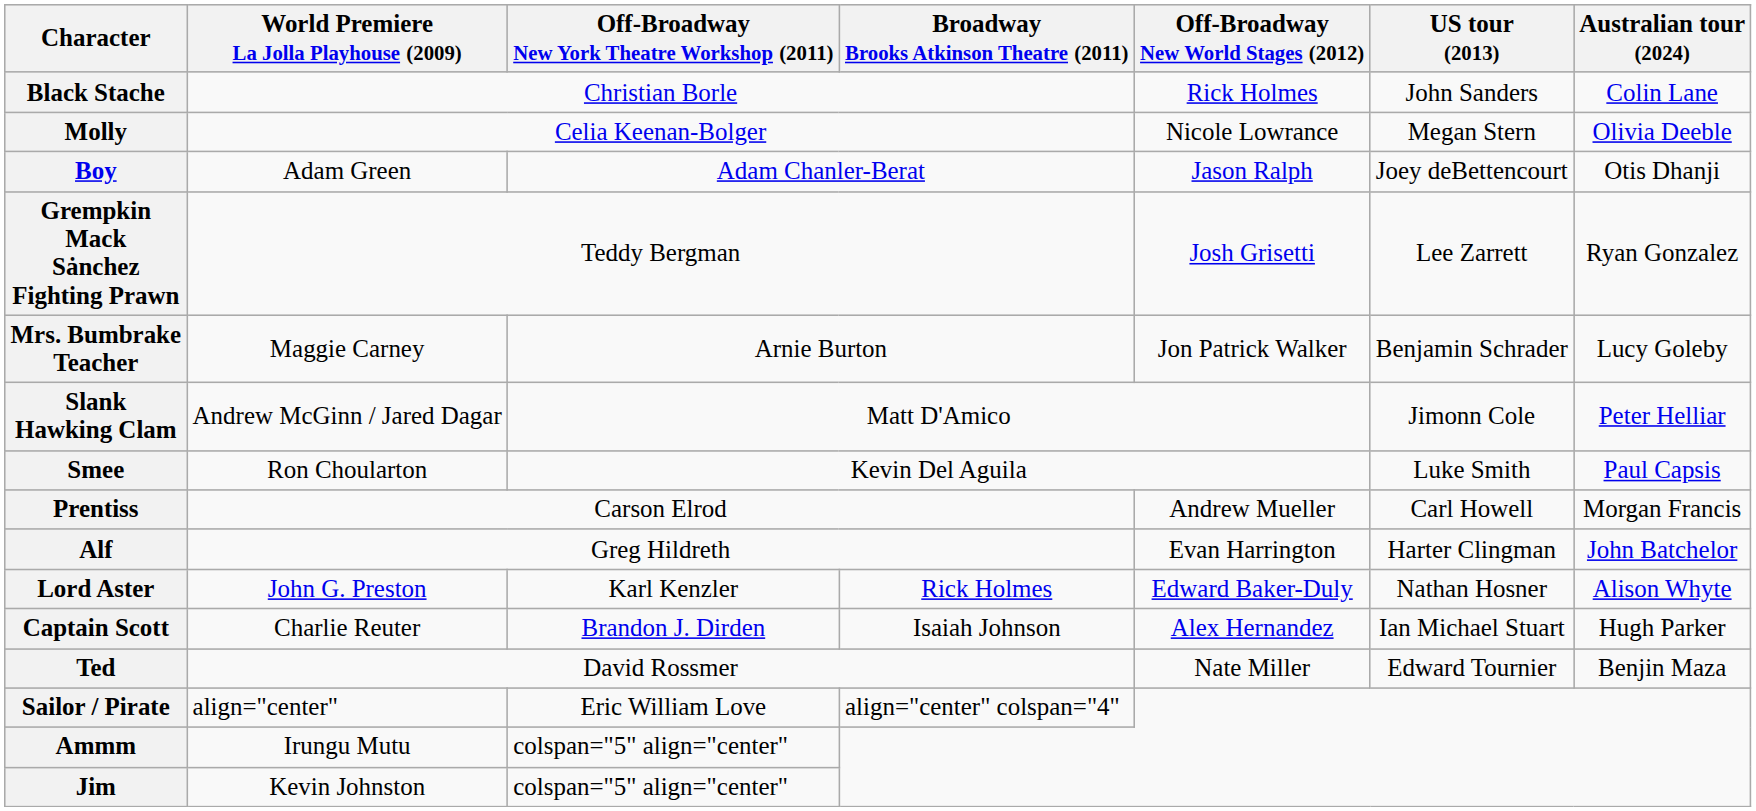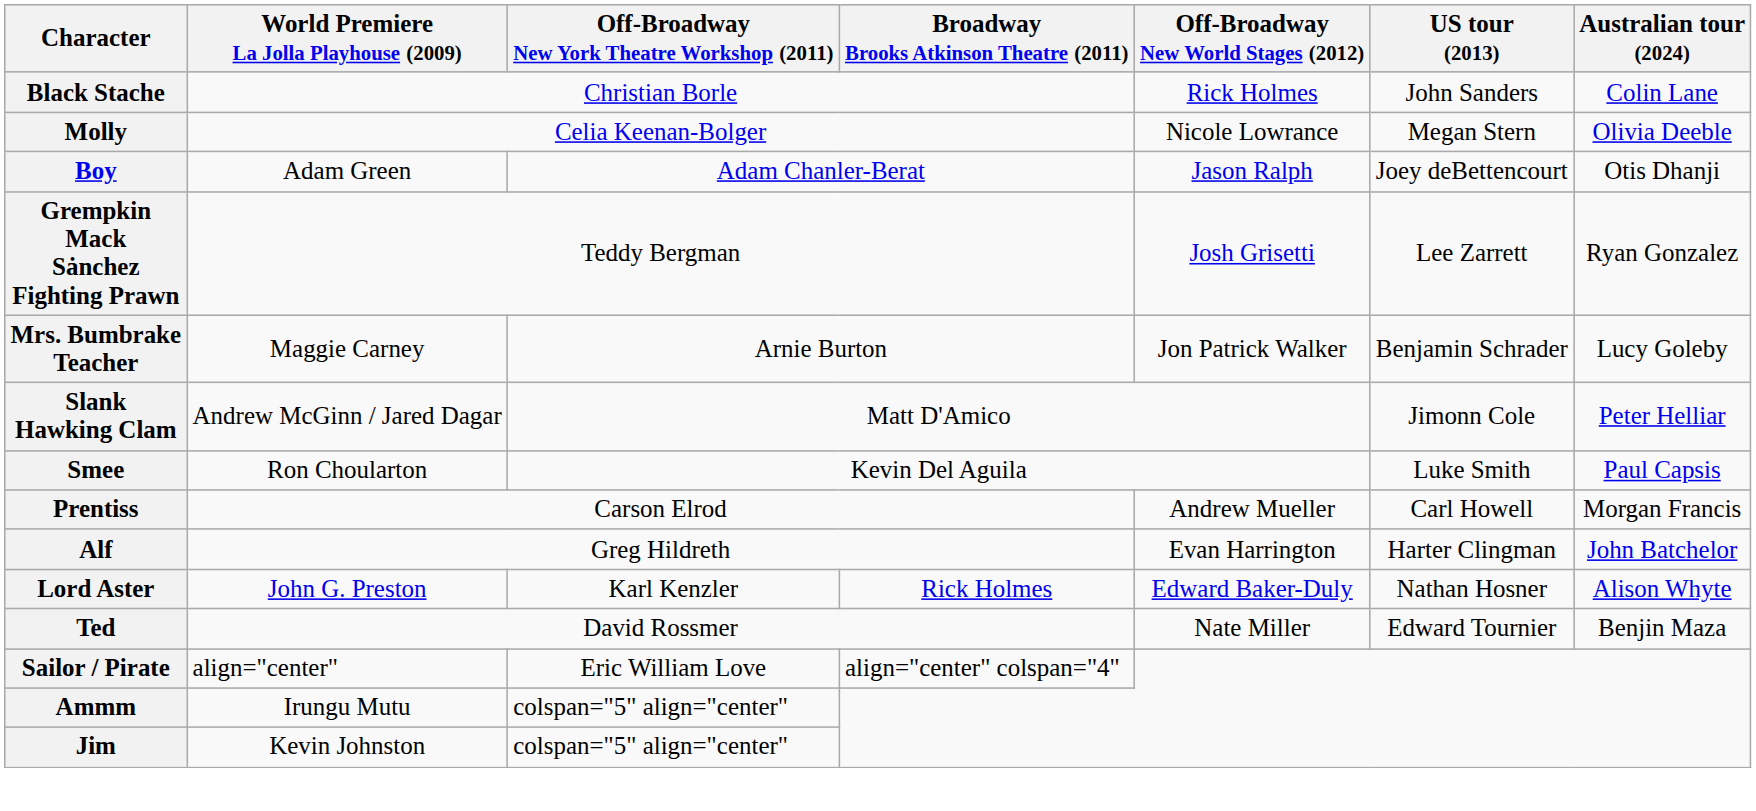 <table class="wikitable" style="width:1000;">
 <tr>
 <th>Character</th>
 <th>World Premiere <br><a href='#'><small>La Jolla Playhouse</small></a> <small>(2009)</small></th>
 <th>Off-Broadway<br> <a href='#'><small>New York Theatre Workshop</small></a> <small>(2011)</small></th>
 <th>Broadway <br> <a href='#'><small>Brooks Atkinson Theatre</small></a> <small>(2011)</small></th>
 <th>Off-Broadway <br><a href='#'><small>New World Stages</small></a> <small>(2012)</small></th>
 <th>US tour<br><small>(2013)</small></th>
 <th>Australian tour<br><small>(2024)</small></th>
 </tr>
 <tr>
 <th>Black Stache</th>
 <td colspan="3" align="center"><a href='#'>Christian Borle</a></td>
 <td align="center"><a href='#'>Rick Holmes</a></td>
 <td align="center">John Sanders</td>
 <td align="center"><a href='#'>Colin Lane</a></td>
 </tr>
 <tr>
 <th>Molly</th>
 <td colspan="3" align="center"><a href='#'>Celia Keenan-Bolger</a></td>
 <td align="center">Nicole Lowrance</td>
 <td align="center">Megan Stern</td>
 <td align="center"><a href='#'>Olivia Deeble</a></td>
 </tr>
 <tr>
 <th><a href='#'>Boy</a></th>
 <td align="center">Adam Green</td>
 <td colspan="2" align="center"><a href='#'>Adam Chanler-Berat</a></td>
 <td align="center"><a href='#'>Jason Ralph</a></td>
 <td align="center">Joey deBettencourt</td>
 <td align="center">Otis Dhanji</td>
 </tr>
 <tr>
 <th>Grempkin<br>Mack<br>Sȧnchez<br>Fighting Prawn</th>
 <td colspan="3" align="center">Teddy Bergman</td>
 <td align="center"><a href='#'>Josh Grisetti</a></td>
 <td align="center">Lee Zarrett</td>
 <td align="center">Ryan Gonzalez</td>
 </tr>
 <tr>
 <th>Mrs. Bumbrake<br>Teacher</th>
 <td colspan="1" align="center">Maggie Carney</td>
 <td colspan="2" align="center">Arnie Burton</td>
 <td align="center">Jon Patrick Walker</td>
 <td align="center">Benjamin Schrader</td>
 <td align="center">Lucy Goleby</td>
 </tr>
 <tr>
 <th>Slank<br>Hawking Clam</th>
 <td align="center">Andrew McGinn / Jared Dagar</td>
 <td colspan="3" align="center">Matt D'Amico</td>
 <td align="center">Jimonn Cole</td>
 <td align="center"><a href='#'>Peter Helliar</a></td>
 </tr>
 <tr>
 <th>Smee</th>
 <td colspan="1" align="center">Ron Choularton</td>
 <td colspan="3" align="center">Kevin Del Aguila</td>
 <td align="center">Luke Smith</td>
 <td align="center"><a href='#'>Paul Capsis</a></td>
 </tr>
 <tr>
 <th>Prentiss</th>
 <td colspan="3" align="center">Carson Elrod</td>
 <td align="center">Andrew Mueller</td>
 <td align="center">Carl Howell</td>
 <td align="center">Morgan Francis</td>
 </tr>
 <tr>
 <th>Alf</th>
 <td colspan="3" align="center">Greg Hildreth</td>
 <td align="center">Evan Harrington</td>
 <td align="center">Harter Clingman</td>
 <td align="center"><a href='#'>John Batchelor</a></td>
 </tr>
 <tr>
 <th>Lord Aster</th>
 <td align="center"><a href='#'>John G. Preston</a></td>
 <td align="center">Karl Kenzler</td>
 <td align="center"><a href='#'>Rick Holmes</a></td>
 <td align="center"><a href='#'>Edward Baker-Duly</a></td>
 <td align="center">Nathan Hosner</td>
 <td align="center"><a href='#'>Alison Whyte</a></td>
 </tr>
 <tr>
-<th>Captain Scott</th>
-<td align="center">Charlie Reuter</td>
-<td align="center"><a href='#'>Brandon J. Dirden</a></td>
-<td align="center">Isaiah Johnson</td>
-<td align="center"><a href='#'>Alex Hernandez</a></td>
-<td align="center">Ian Michael Stuart</td>
-<td align="center">Hugh Parker</td>
-</tr>
-<tr>
 <th>Ted</th>
 <td colspan="3" align="center">David Rossmer</td>
 <td align="center">Nate Miller</td>
 <td align="center">Edward Tournier</td>
 <td align="center">Benjin Maza</td>
 </tr>
 <tr>
 <th>Sailor / Pirate</th>
 <td>align="center" </td>
 <td align="center">Eric William Love</td>
 <td>align="center" colspan="4" </td>
 </tr>
 <tr>
 <th>Ammm</th>
 <td align="center">Irungu Mutu</td>
 <td>colspan="5" align="center" </td>
 </tr>
 <tr>
 <th>Jim</th>
 <td align="center">Kevin Johnston</td>
 <td>colspan="5" align="center" </td>
 </tr>
 </table>
